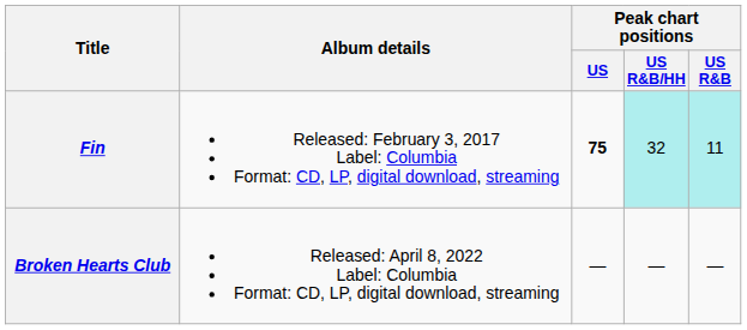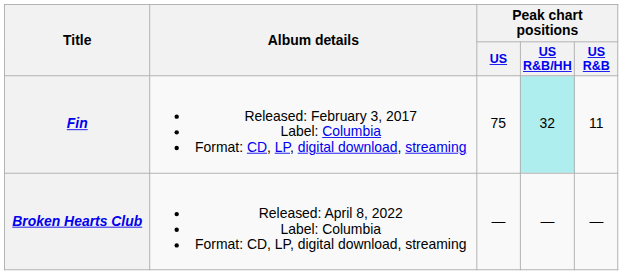 <table class="wikitable plainrowheaders" style="text-align:center;" border="1">
 <tr>
 <th scope="col" rowspan="2" style="width:10em;">Title</th>
 <th scope="col" rowspan="2" style="width:23em;">Album details</th>
 <th scope="col" colspan="3">Peak chart positions</th>
 </tr>
 <tr>
 <th scope="col" style="width:3em;font-size:90%;"><a href='#'>US</a><br></th>
 <th scope="col" style="width:3em;font-size:90%;"><a href='#'>US R&B/HH</a><br></th>
 <th scope="col" style="width:3em;font-size:90%;"><a href='#'>US R&B</a><br></th>
 </tr>
 <tr>
 <th scope="row"><em><a href='#'>Fin</a></em></th>
 <td><br><ul><li>Released: February 3, 2017</li><li>Label: <a href='#'>Columbia</a></li><li>Format: <a href='#'>CD</a>, <a href='#'>LP</a>, <a href='#'>digital download</a>, <a href='#'>streaming</a></li></ul></td>
-<td><strong>75</strong></td>
+<td>75</td>
 <td style="background: paleturquoise;">32</td>
-<td style="background: paleturquoise;">11</td>
+<td>11</td>
 </tr>
 <tr>
 <th scope="row"><em><a href='#'>Broken Hearts Club</a></em></th>
 <td><br><ul><li>Released: April 8, 2022</li><li>Label: Columbia</li><li>Format: CD, LP, digital download, streaming</li></ul></td>
 <td>—</td>
 <td>—</td>
 <td>—</td>
 </tr>
 </table>
